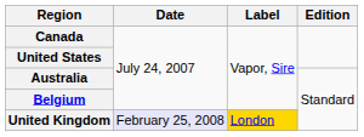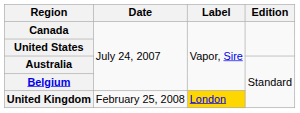 <table class="wikitable plainrowheaders">
 <tr>
 <th scope="col">Region</th>
 <th scope="col">Date</th>
 <th scope="col">Label</th>
 <th scope="col">Edition</th>
 </tr>
 <tr>
 <th scope="row">Canada</th>
 <td rowspan="4">July 24, 2007</td>
 <td rowspan="4">Vapor, <a href='#'>Sire</a></td>
 <td rowspan="2"></td>
 </tr>
 <tr>
 <th scope="row">United States</th>
 </tr>
 <tr>
 <th scope="row">Australia</th>
 <td rowspan="3">Standard</td>
 </tr>
 <tr>
 <th scope="row"><a href='#'>Belgium</a></th>
 </tr>
 <tr>
 <th scope="row">United Kingdom</th>
-<td style="background: lavender;">February 25, 2008</td>
+<td>February 25, 2008</td>
 <td style="background: gold;"><a href='#'>London</a></td>
 </tr>
 </table>
